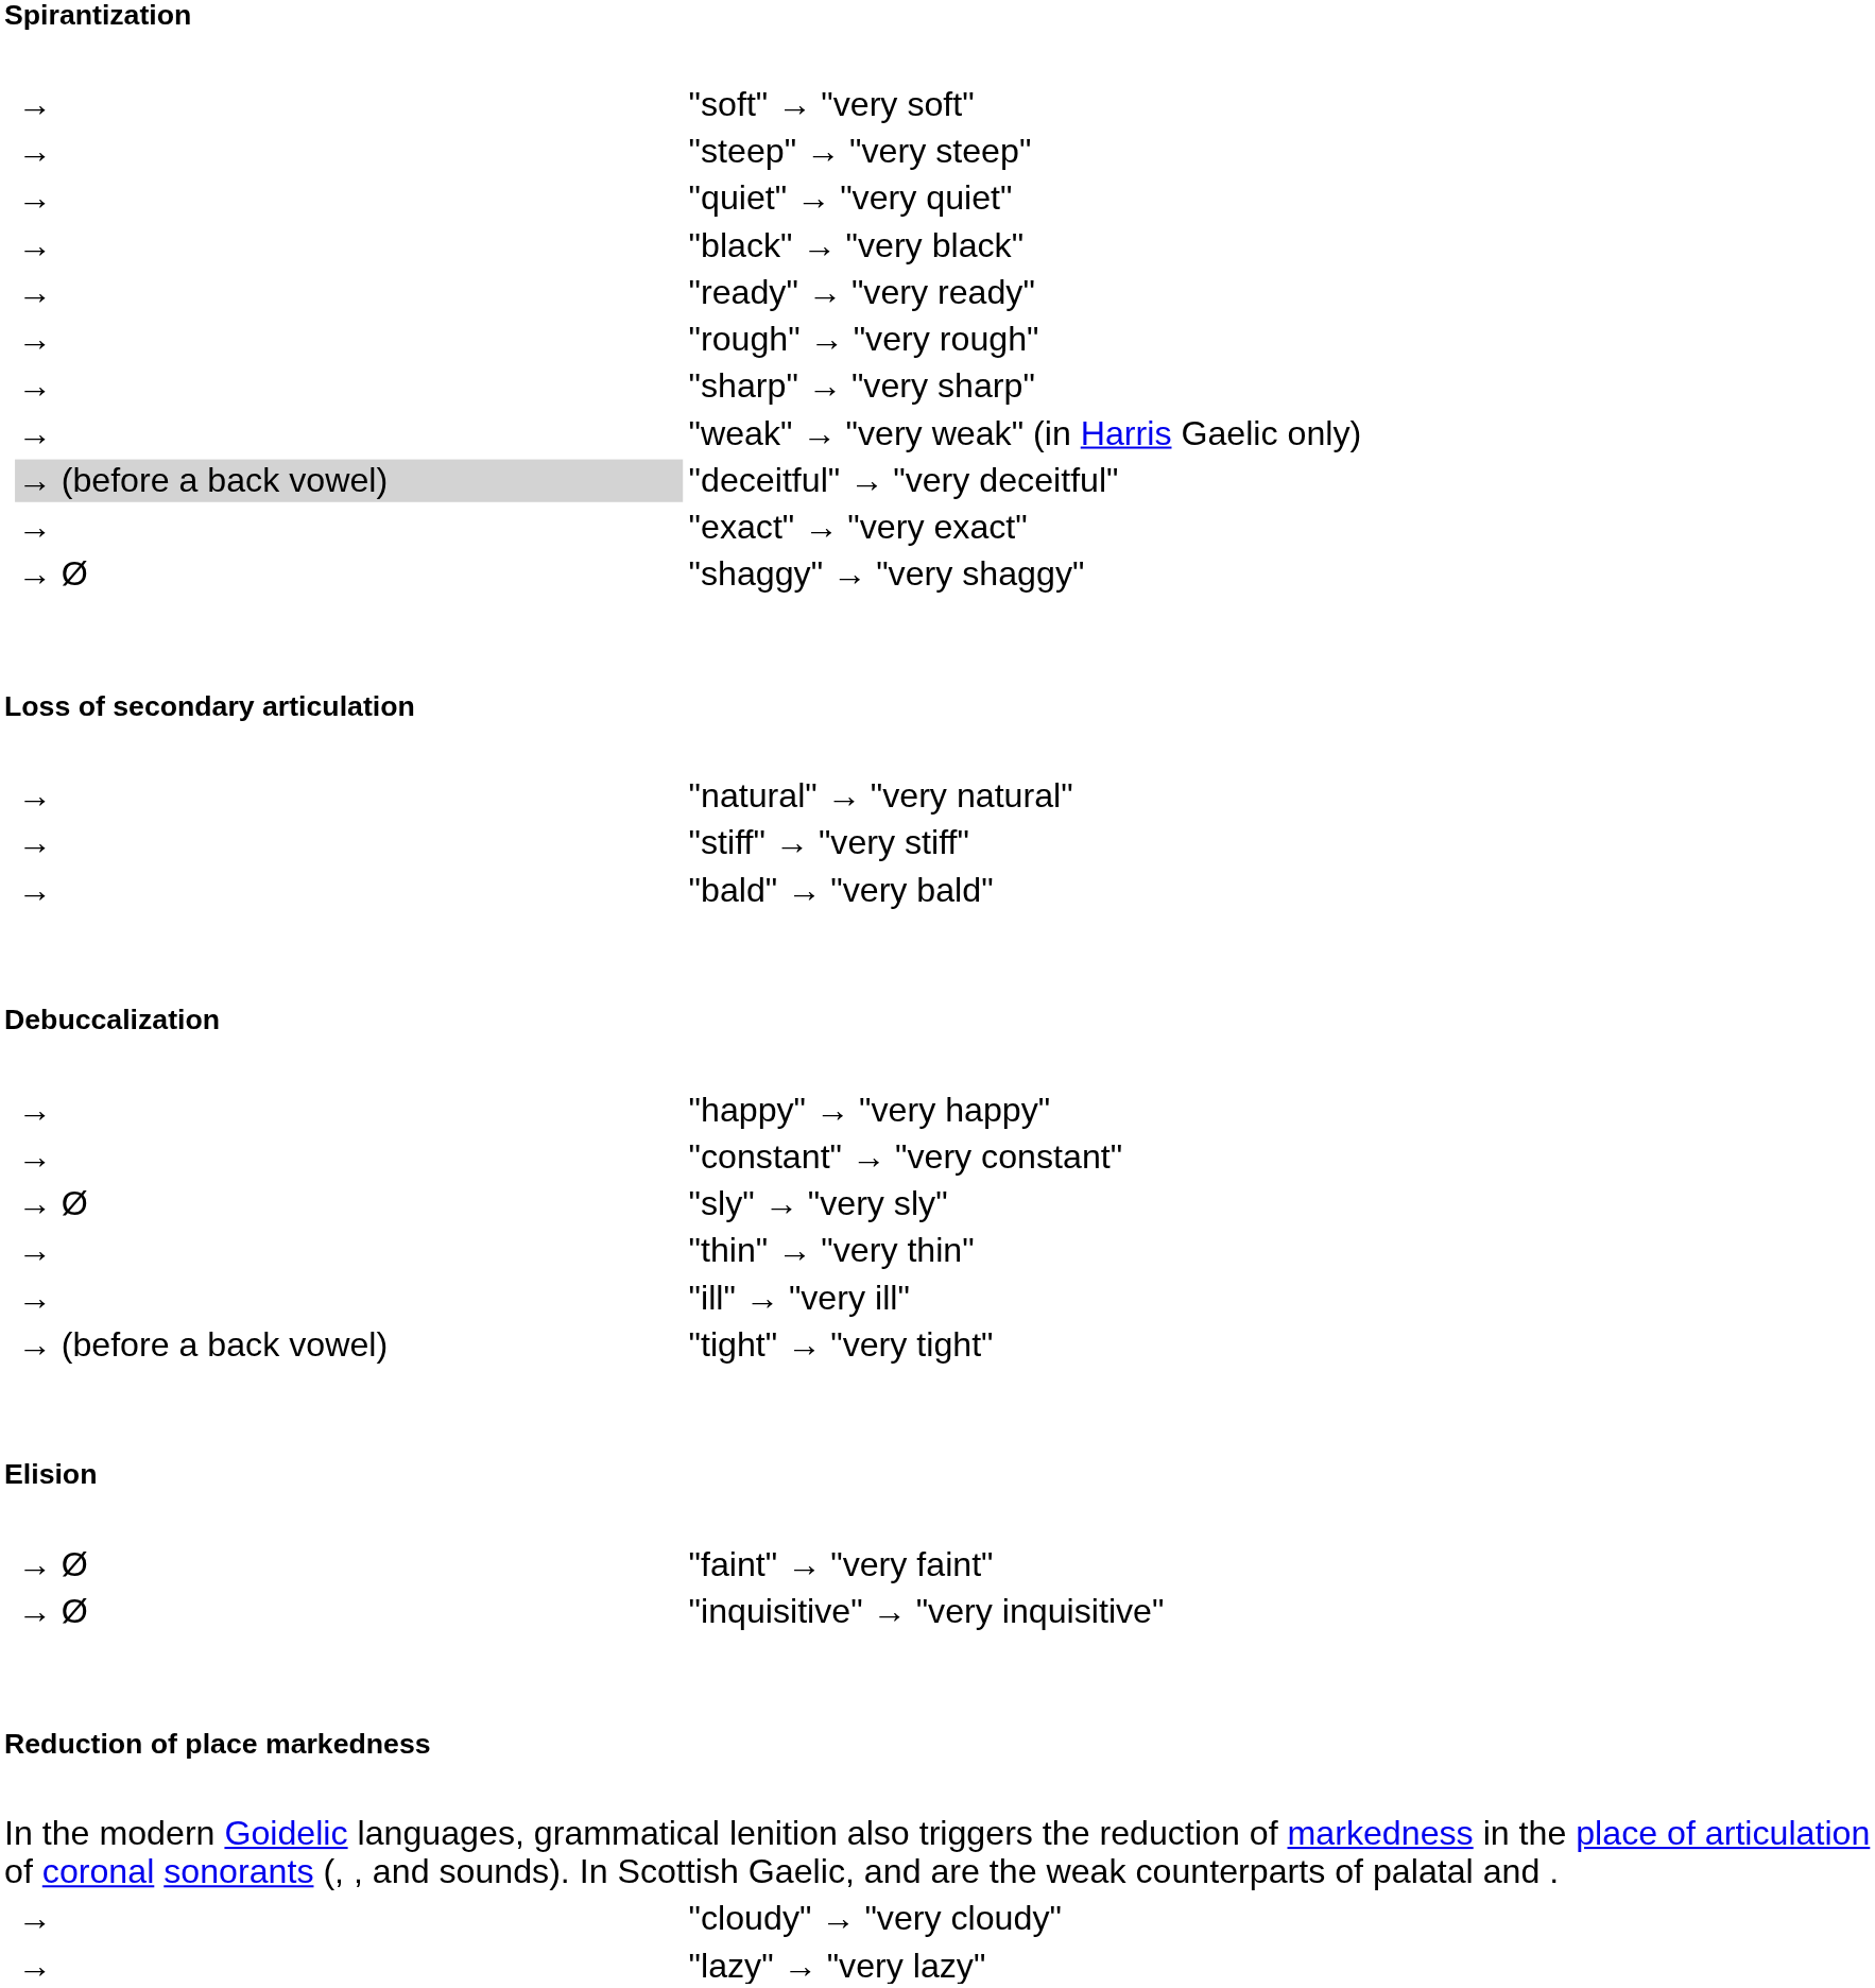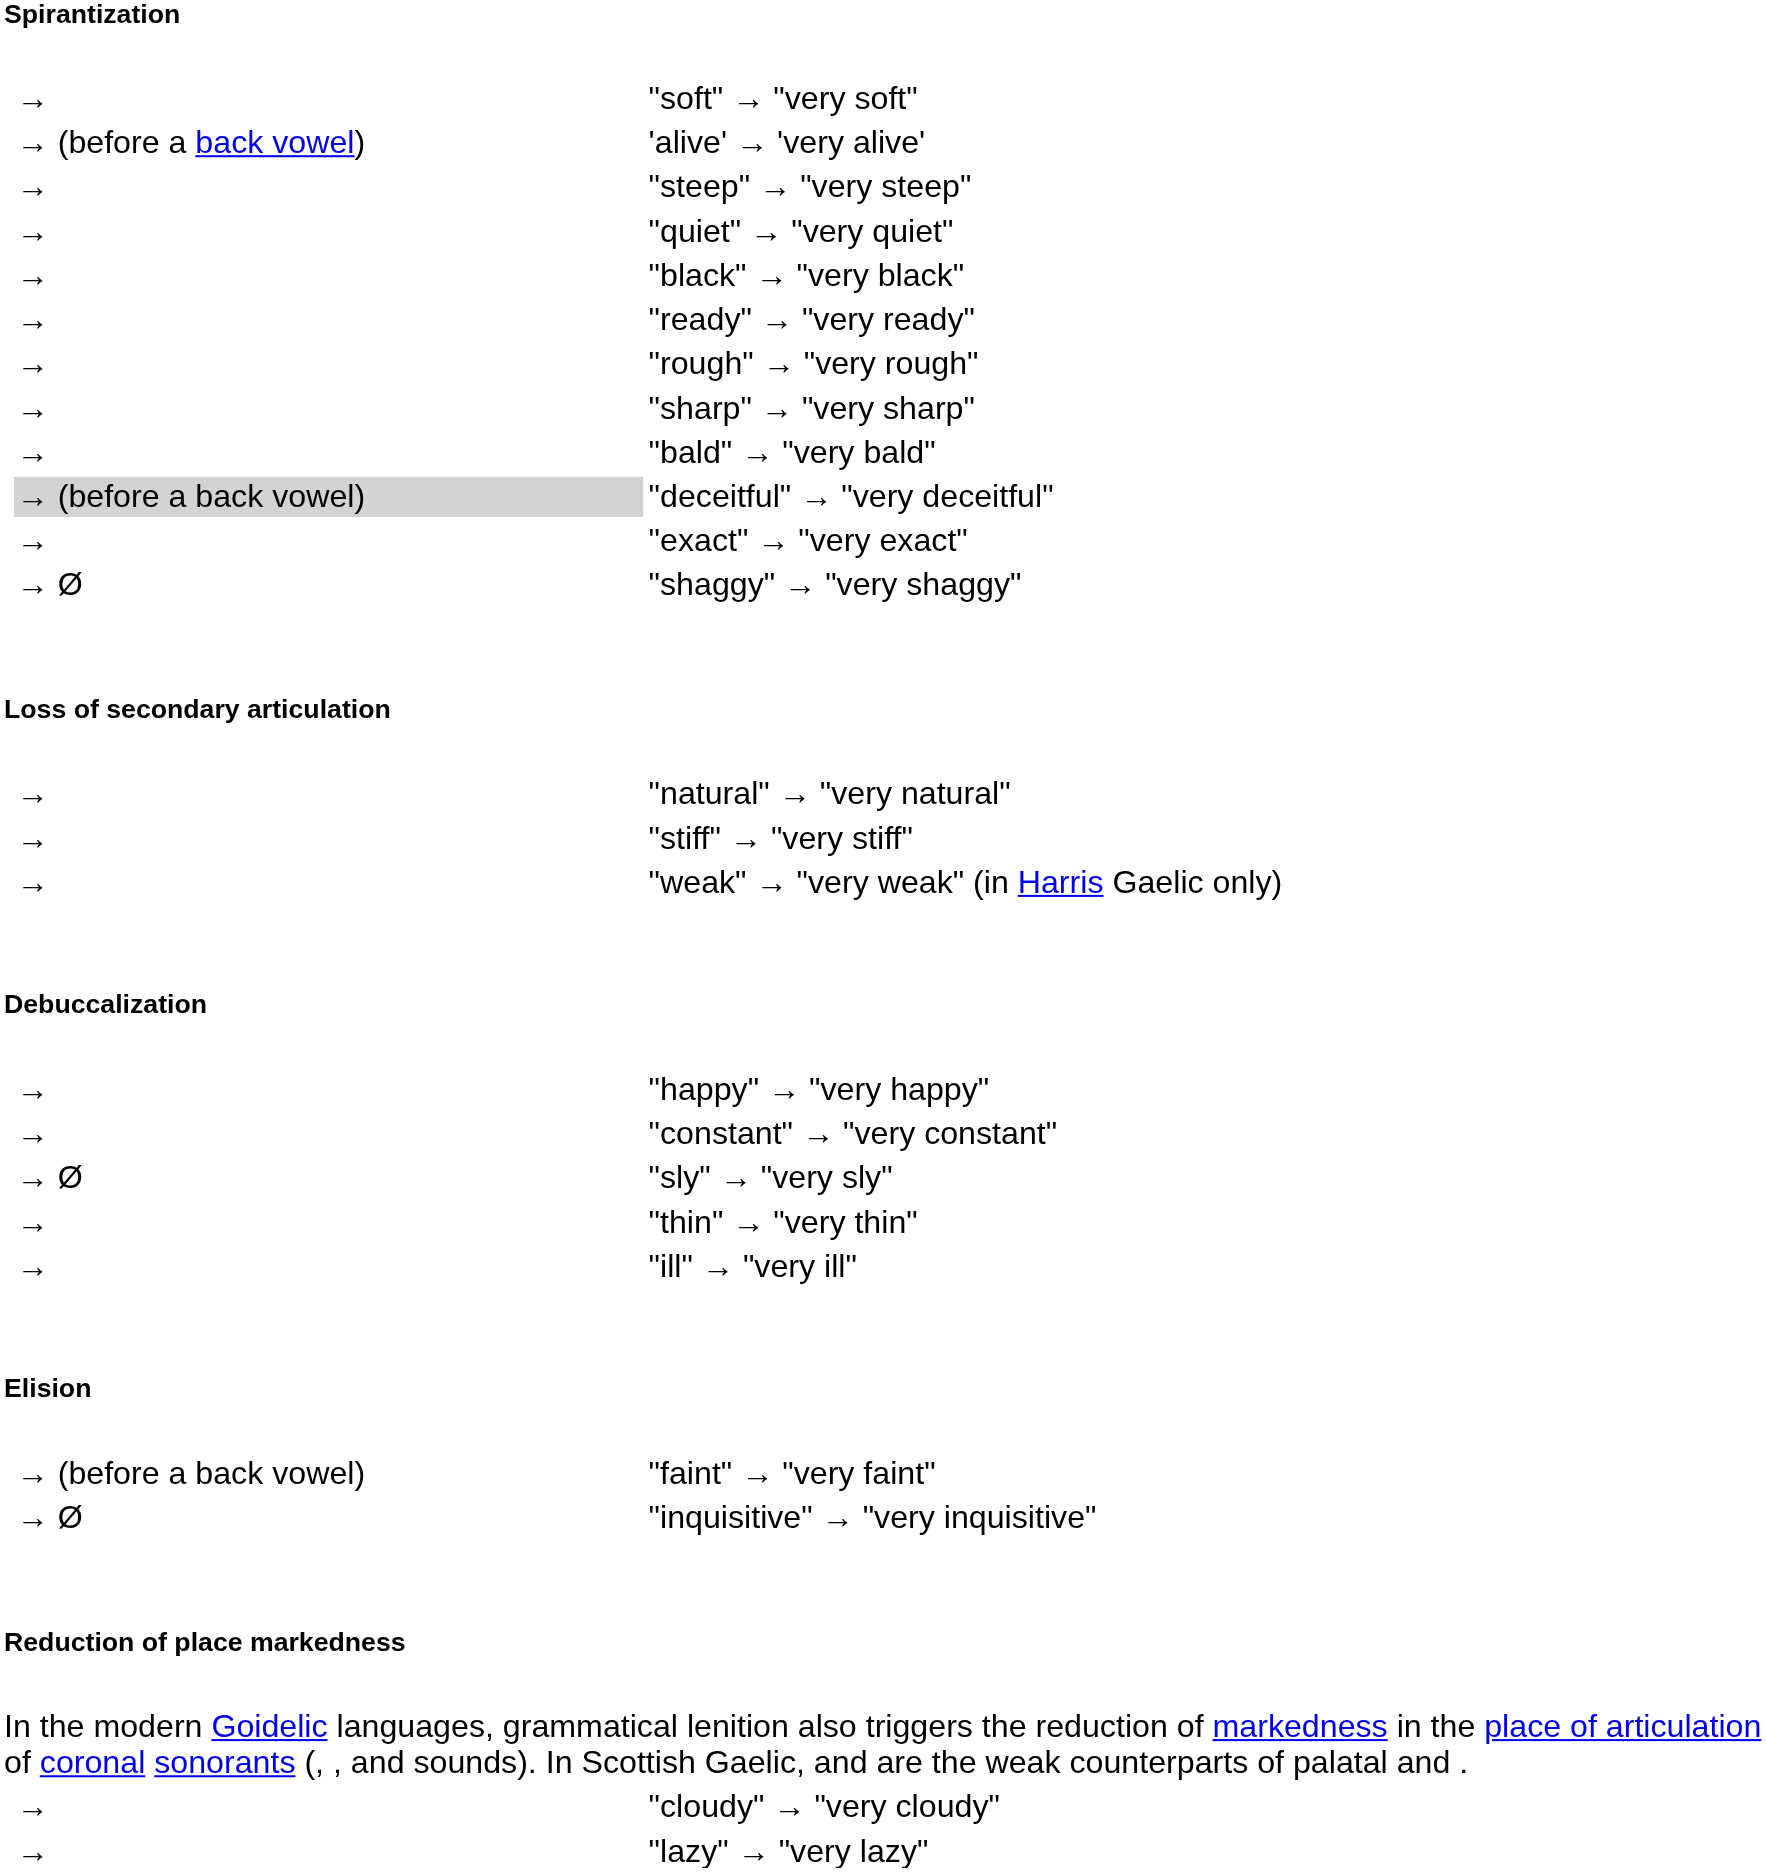 <table>
 <tr>
 <td colspan=3><br><h5>Spirantization</h5></td>
 </tr>
 <tr>
 <td></td>
 <td>→ </td>
 <td>  "soft" →   "very soft"</td>
+</tr>
+<tr>
+<td></td>
+<td>→  (before a <a href='#'>back vowel</a>)</td>
+<td>  'alive' →   'very alive'</td>
 </tr>
 <tr>
 <td></td>
 <td>→ </td>
 <td>  "steep" →   "very steep"</td>
 </tr>
 <tr>
 <td></td>
 <td>→ </td>
 <td>  "quiet" →   "very quiet"</td>
 </tr>
 <tr>
 <td></td>
 <td>→ </td>
 <td>  "black" →   "very black"</td>
 </tr>
 <tr>
 <td></td>
 <td>→ </td>
 <td>  "ready" →   "very ready"</td>
 </tr>
 <tr>
 <td></td>
 <td>→ </td>
 <td>  "rough" →   "very rough"</td>
 </tr>
 <tr>
 <td></td>
 <td>→ </td>
 <td>  "sharp" →   "very sharp"</td>
 </tr>
 <tr>
 <td></td>
 <td>→ </td>
-<td>  "weak" →   "very weak" (in <a href='#'>Harris</a> Gaelic only)</td>
+<td>  "bald" →   "very bald"</td>
 </tr>
 <tr>
 <td></td>
 <td style="background: lightgrey;">→  (before a back vowel)</td>
 <td>  "deceitful" →   "very deceitful"</td>
 </tr>
 <tr>
 <td></td>
 <td>→ </td>
 <td>  "exact" →   "very exact"</td>
 </tr>
 <tr>
 <td></td>
 <td>→ Ø</td>
 <td>  "shaggy" →   "very shaggy"</td>
 </tr>
 <tr>
 <td colspan=3><br><h5>Loss of secondary articulation</h5></td>
 </tr>
 <tr>
 <td></td>
 <td>→ </td>
 <td>  "natural" →   "very natural"</td>
 </tr>
 <tr>
 <td></td>
 <td>→ </td>
 <td>  "stiff" →   "very stiff"</td>
 </tr>
 <tr>
 <td></td>
 <td>→ </td>
-<td>  "bald" →   "very bald"</td>
+<td>  "weak" →   "very weak" (in <a href='#'>Harris</a> Gaelic only)</td>
 </tr>
 <tr>
 <td colspan=3><br><h5>Debuccalization</h5></td>
 </tr>
 <tr>
 <td></td>
 <td>→ </td>
 <td>  "happy" →   "very happy"</td>
 </tr>
 <tr>
 <td></td>
 <td>→ </td>
 <td>  "constant" →   "very constant"</td>
 </tr>
 <tr>
 <td></td>
 <td>→ Ø</td>
 <td>  "sly" →   "very sly"</td>
 </tr>
 <tr>
 <td></td>
 <td>→ </td>
 <td>  "thin" →   "very thin"</td>
 </tr>
 <tr>
 <td></td>
 <td>→ </td>
 <td>  "ill" →   "very ill"</td>
 </tr>
 <tr>
-<td></td>
-<td>→  (before a back vowel)</td>
-<td>  "tight" →   "very tight"</td>
-</tr>
-<tr>
 <td colspan=3><br><h5>Elision</h5></td>
 </tr>
 <tr>
 <td></td>
-<td>→ Ø</td>
+<td>→  (before a back vowel)</td>
 <td>  "faint" →   "very faint"</td>
 </tr>
 <tr>
 <td></td>
 <td>→ Ø</td>
 <td>  "inquisitive" →   "very inquisitive"</td>
 </tr>
 <tr>
 <td colspan=3><br><h5>Reduction of place markedness</h5></td>
 </tr>
 <tr>
 <td colspan=3>In the modern <a href='#'>Goidelic</a> languages, grammatical lenition also triggers the reduction of <a href='#'>markedness</a> in the <a href='#'>place of articulation</a> of <a href='#'>coronal</a> <a href='#'>sonorants</a> (, , and  sounds). In Scottish Gaelic,  and  are the weak counterparts of palatal  and .</td>
 </tr>
 <tr>
 <td></td>
 <td>→ </td>
 <td>  "cloudy" →   "very cloudy"</td>
 </tr>
 <tr>
 <td></td>
 <td>→ </td>
 <td>  "lazy" →   "very lazy"</td>
 </tr>
 </table>
